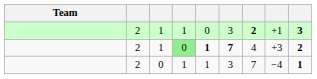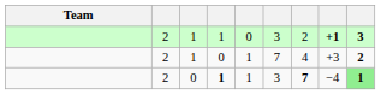 <table class="wikitable" style="text-align: center; font-size:90% ">
 <tr>
 <th width=160>Team</th>
 <th width=25></th>
 <th width=25></th>
 <th width=25></th>
 <th width=25></th>
 <th width=25></th>
 <th width=25></th>
 <th width=25></th>
 <th width=25></th>
 </tr>
 <tr bgcolor="ccffcc">
 <td align=left></td>
 <td>2</td>
 <td>1</td>
 <td>1</td>
 <td>0</td>
 <td>3</td>
-<td><strong>2</strong></td>
-<td>+1</td>
+<td>2</td>
+<td><strong>+1</strong></td>
 <td><strong>3</strong></td>
 </tr>
 <tr>
 <td align=left></td>
 <td>2</td>
 <td>1</td>
-<td style="background: lightgreen;">0</td>
-<td><strong>1</strong></td>
-<td><strong>7</strong></td>
+<td>0</td>
+<td>1</td>
+<td>7</td>
 <td>4</td>
 <td>+3</td>
 <td><strong>2</strong></td>
 </tr>
 <tr>
 <td align=left></td>
 <td>2</td>
 <td>0</td>
-<td>1</td>
+<td><strong>1</strong></td>
 <td>1</td>
 <td>3</td>
-<td>7</td>
+<td><strong>7</strong></td>
 <td>−4</td>
-<td><strong>1</strong></td>
+<td style="background: lightgreen;"><strong>1</strong></td>
 </tr>
 </table>
